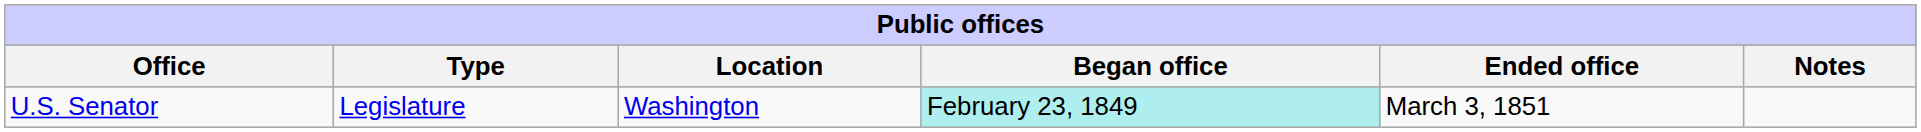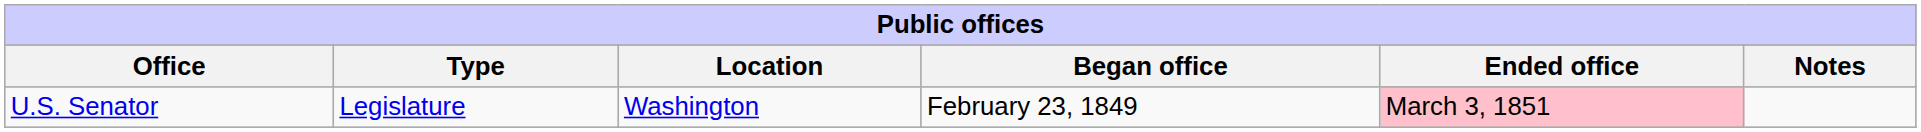 <table class=wikitable style="width: 94%" style="text-align: center;" align="center">
 <tr bgcolor=#cccccc>
 <th colspan=8 style="background: #ccccff;">Public offices</th>
 </tr>
 <tr>
 <th><strong>Office</strong></th>
 <th><strong>Type</strong></th>
 <th><strong>Location</strong></th>
 <th><strong>Began office</strong></th>
 <th><strong>Ended office</strong></th>
 <th><strong>Notes</strong></th>
 </tr>
 <tr>
 <td><a href='#'>U.S. Senator</a></td>
 <td><a href='#'>Legislature</a></td>
 <td><a href='#'>Washington</a></td>
-<td style="background: paleturquoise;">February 23, 1849</td>
-<td>March 3, 1851</td>
+<td>February 23, 1849</td>
+<td style="background: pink;">March 3, 1851</td>
 <td></td>
 </tr>
 </table>
